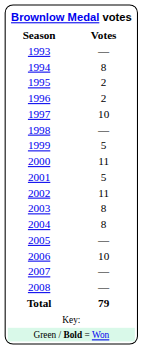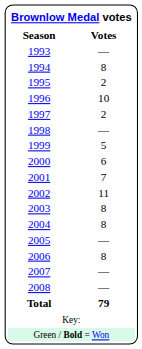 <table style="margin-right:4px; margin-top:8px; float:right; border:1px #000 solid; border-radius:8px; background:#fff; font-family:Verdana; font-size:8pt; text-align:center;">
 <tr style="background:#fff;">
 <td colspan="2;" style="padding:3px; margin-bottom:-3px; margin-top:2px; font-family:Arial; "><strong><a href='#'>Brownlow Medal</a> votes</strong></td>
 </tr>
 <tr>
 <th style="width:50%;">Season</th>
 <th style="width:50%;">Votes</th>
 </tr>
 <tr>
 <td><a href='#'>1993</a></td>
 <td>—</td>
 </tr>
 <tr>
 <td><a href='#'>1994</a></td>
 <td>8</td>
 </tr>
 <tr>
 <td><a href='#'>1995</a></td>
 <td>2</td>
 </tr>
 <tr>
 <td><a href='#'>1996</a></td>
-<td>2</td>
+<td>10</td>
 </tr>
 <tr>
 <td><a href='#'>1997</a></td>
-<td>10</td>
+<td>2</td>
 </tr>
 <tr>
 <td><a href='#'>1998</a></td>
 <td>—</td>
 </tr>
 <tr>
 <td><a href='#'>1999</a></td>
 <td>5</td>
 </tr>
 <tr>
 <td><a href='#'>2000</a></td>
-<td>11</td>
+<td>6</td>
 </tr>
 <tr>
 <td><a href='#'>2001</a></td>
-<td>5</td>
+<td>7</td>
 </tr>
 <tr>
 <td><a href='#'>2002</a></td>
 <td>11</td>
 </tr>
 <tr>
 <td><a href='#'>2003</a></td>
 <td>8</td>
 </tr>
 <tr>
 <td><a href='#'>2004</a></td>
 <td>8</td>
 </tr>
 <tr>
 <td><a href='#'>2005</a></td>
 <td>—</td>
 </tr>
 <tr>
 <td><a href='#'>2006</a></td>
-<td>10</td>
+<td>8</td>
 </tr>
 <tr>
 <td><a href='#'>2007</a></td>
 <td>—</td>
 </tr>
 <tr>
 <td><a href='#'>2008</a></td>
 <td>—</td>
 </tr>
 <tr>
 <td><strong>Total</strong></td>
 <td><strong>79</strong></td>
 </tr>
 <tr>
 <td colspan=2><small>Key:</small></td>
 </tr>
 <tr style="background:#d9f9e9; border:1px solid #aaa; width:2em;">
 <td colspan=2><small>Green / <strong>Bold</strong> = <a href='#'>Won</a></small></td>
 </tr>
 </table>
